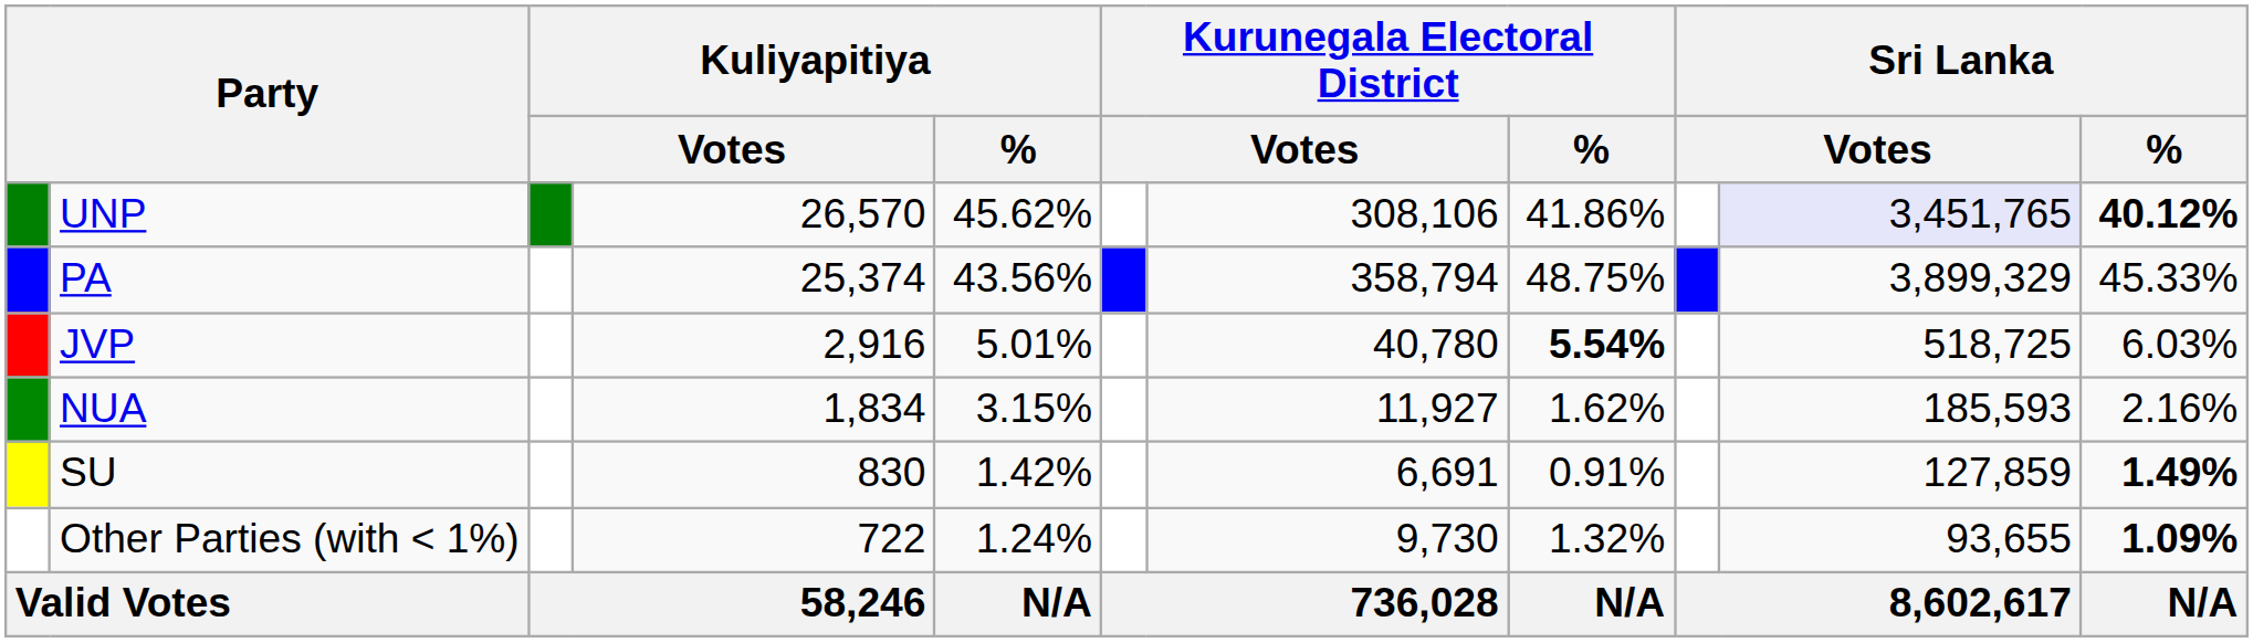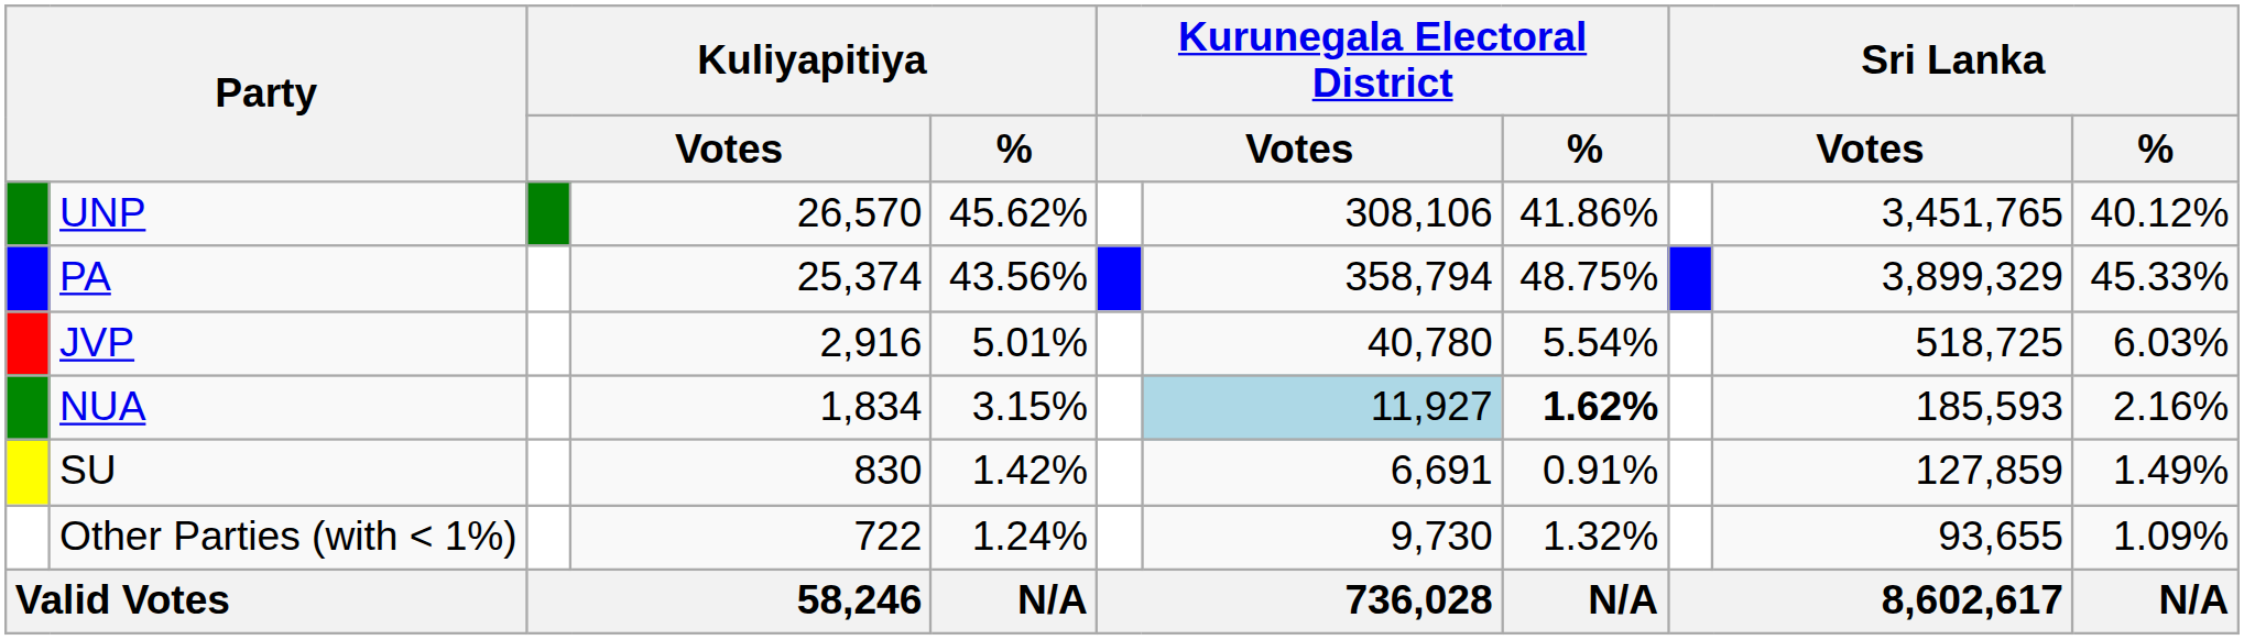 <table class="wikitable">
 <tr>
 <th colspan="2" width="144px"rowspan="2">Party</th>
 <th colspan="3" width="216px">Kuliyapitiya</th>
 <th colspan="3" width="216px"><a href='#'>Kurunegala Electoral District</a></th>
 <th colspan="3" width="216px">Sri Lanka</th>
 </tr>
 <tr>
 <th colspan="2" width="144px">Votes</th>
 <th>%</th>
 <th colspan="2" width="144px">Votes</th>
 <th>%</th>
 <th colspan="2" width="144px">Votes</th>
 <th>%</th>
 </tr>
 <tr>
 <td style="background-color:green;" width="10px"></td>
 <td style="text-align:left;"><a href='#'>UNP</a></td>
 <td style="background-color:green;" width="10px"></td>
 <td style="text-align:right;">26,570</td>
 <td style="text-align:right;">45.62%</td>
 <td style="background-color:white;" width="10px"></td>
 <td style="text-align:right;">308,106</td>
 <td style="text-align:right;">41.86%</td>
 <td style="background-color:white;" width="10px"></td>
-<td style="background: lavender; text-align:right;">3,451,765</td>
-<td style="text-align:right;"><strong>40.12%</strong></td>
+<td style="text-align:right;">3,451,765</td>
+<td style="text-align:right;">40.12%</td>
 </tr>
 <tr>
 <td style="background-color:blue;" width="10px"></td>
 <td style="text-align:left;"><a href='#'>PA</a></td>
 <td style="background-color:white;" width="10px"></td>
 <td style="text-align:right;">25,374</td>
 <td style="text-align:right;">43.56%</td>
 <td style="background-color:blue;" width="10px"></td>
 <td style="text-align:right;">358,794</td>
 <td style="text-align:right;">48.75%</td>
 <td style="background-color:blue;" width="10px"></td>
 <td style="text-align:right;">3,899,329</td>
 <td style="text-align:right;">45.33%</td>
 </tr>
 <tr>
 <td style="background-color:red;" width="10px"></td>
 <td style="text-align:left;"><a href='#'>JVP</a></td>
 <td style="background-color:white;" width="10px"></td>
 <td style="text-align:right;">2,916</td>
 <td style="text-align:right;">5.01%</td>
 <td style="background-color:white;" width="10px"></td>
 <td style="text-align:right;">40,780</td>
-<td style="text-align:right;"><strong>5.54%</strong></td>
+<td style="text-align:right;">5.54%</td>
 <td style="background-color:white;" width="10px"></td>
 <td style="text-align:right;">518,725</td>
 <td style="text-align:right;">6.03%</td>
 </tr>
 <tr>
 <td style="background-color:#008800;" width="10px"></td>
 <td style="text-align:left;"><a href='#'>NUA</a></td>
 <td style="background-color:white;" width="10px"></td>
 <td style="text-align:right;">1,834</td>
 <td style="text-align:right;">3.15%</td>
 <td style="background-color:white;" width="10px"></td>
-<td style="text-align:right;">11,927</td>
-<td style="text-align:right;">1.62%</td>
+<td style="background: lightblue; text-align:right;">11,927</td>
+<td style="text-align:right;"><strong>1.62%</strong></td>
 <td style="background-color:white;" width="10px"></td>
 <td style="text-align:right;">185,593</td>
 <td style="text-align:right;">2.16%</td>
 </tr>
 <tr>
 <td style="background-color:yellow;" width="10px"></td>
 <td style="text-align:left;">SU</td>
 <td style="background-color:white;" width="10px"></td>
 <td style="text-align:right;">830</td>
 <td style="text-align:right;">1.42%</td>
 <td style="background-color:white;" width="10px"></td>
 <td style="text-align:right;">6,691</td>
 <td style="text-align:right;">0.91%</td>
 <td style="background-color:white;" width="10px"></td>
 <td style="text-align:right;">127,859</td>
-<td style="text-align:right;"><strong>1.49%</strong></td>
+<td style="text-align:right;">1.49%</td>
 </tr>
 <tr>
 <td style="background-color:white;" width="10px"></td>
 <td style="text-align:left;">Other Parties (with < 1%)</td>
 <td style="background-color:white;" width="10px"></td>
 <td style="text-align:right;">722</td>
 <td style="text-align:right;">1.24%</td>
 <td style="background-color:white;" width="10px"></td>
 <td style="text-align:right;">9,730</td>
 <td style="text-align:right;">1.32%</td>
 <td style="background-color:white;" width="10px"></td>
 <td style="text-align:right;">93,655</td>
-<td style="text-align:right;"><strong>1.09%</strong></td>
+<td style="text-align:right;">1.09%</td>
 </tr>
 <tr>
 <th colspan="2" width="144px"style="text-align:left;">Valid Votes</th>
 <th style="text-align:right;"colspan="2" width="144px">58,246</th>
 <th style="text-align:right;">N/A</th>
 <th style="text-align:right;"colspan="2" width="144px">736,028</th>
 <th style="text-align:right;">N/A</th>
 <th style="text-align:right;"colspan="2" width="144px">8,602,617</th>
 <th style="text-align:right;">N/A</th>
 </tr>
 </table>
